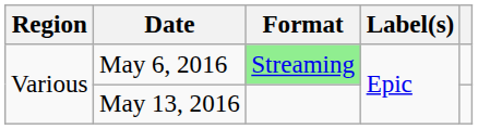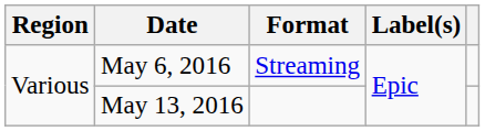 <table class="wikitable plainrowheaders">
 <tr>
 <th scope="col">Region</th>
 <th scope="col">Date</th>
 <th scope="col">Format</th>
 <th scope="col">Label(s)</th>
 <th scope="col"></th>
 </tr>
 <tr>
 <td rowspan="2">Various</td>
 <td>May 6, 2016</td>
-<td style="background: lightgreen;"><a href='#'>Streaming</a></td>
+<td><a href='#'>Streaming</a></td>
 <td rowspan="2"><a href='#'>Epic</a></td>
 <td></td>
 </tr>
 <tr>
 <td>May 13, 2016</td>
 <td></td>
 <td></td>
 </tr>
 </table>
